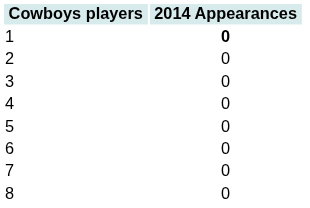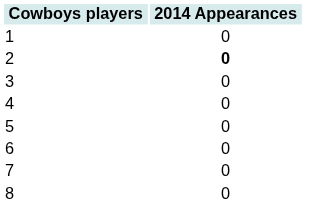 <table ----- width="300px">
 <tr ---- style="background-color:#d7ebed;">
 <th>Cowboys players</th>
 <th>2014 Appearances</th>
 </tr>
 <tr ---- bgcolor="#FFFFFF">
 <td> 1</td>
-<td align="center"><strong>0</strong></td>
+<td align="center">0</td>
 <td align="center"></td>
 </tr>
 <tr ---- bgcolor="#FFFFFF">
 <td> 2</td>
-<td align="center">0</td>
+<td align="center"><strong>0</strong></td>
 <td align="center"></td>
 </tr>
 <tr ---- bgcolor="#FFFFFF">
 <td> 3</td>
 <td align="center">0</td>
 <td align="center"></td>
 </tr>
 <tr ---- bgcolor="#FFFFFF">
 <td> 4</td>
 <td align="center">0</td>
 <td align="center"></td>
 </tr>
 <tr ---- bgcolor="#FFFFFF">
 <td> 5</td>
 <td align="center">0</td>
 <td align="center"></td>
 </tr>
 <tr ---- bgcolor="#FFFFFF">
 <td> 6</td>
 <td align="center">0</td>
 <td align="center"></td>
 </tr>
 <tr ---- bgcolor="#FFFFFF">
 <td> 7</td>
 <td align="center">0</td>
 <td align="center"></td>
 </tr>
 <tr ---- bgcolor="#FFFFFF">
 <td> 8</td>
 <td align="center">0</td>
 <td align="center"></td>
 </tr>
 </table>
